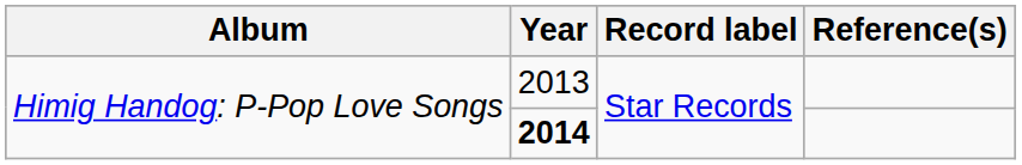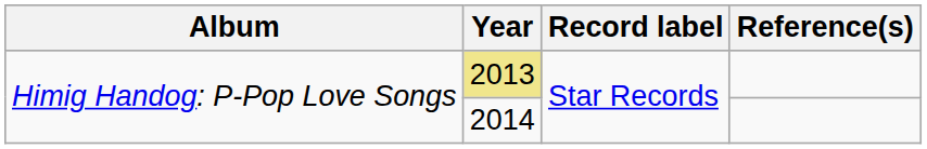 <table class="wikitable">
 <tr>
 <th scope="col">Album</th>
 <th scope="col">Year</th>
 <th scope="col">Record label</th>
 <th scope="col">Reference(s)</th>
 </tr>
 <tr>
 <td rowspan="2"><em><a href='#'>Himig Handog</a>: P-Pop Love Songs</em></td>
-<td>2013</td>
+<td style="background: khaki;">2013</td>
 <td rowspan="2"><a href='#'>Star Records</a></td>
 <td></td>
 </tr>
 <tr>
-<td><strong>2014</strong></td>
+<td>2014</td>
 <td></td>
 </tr>
 </table>
